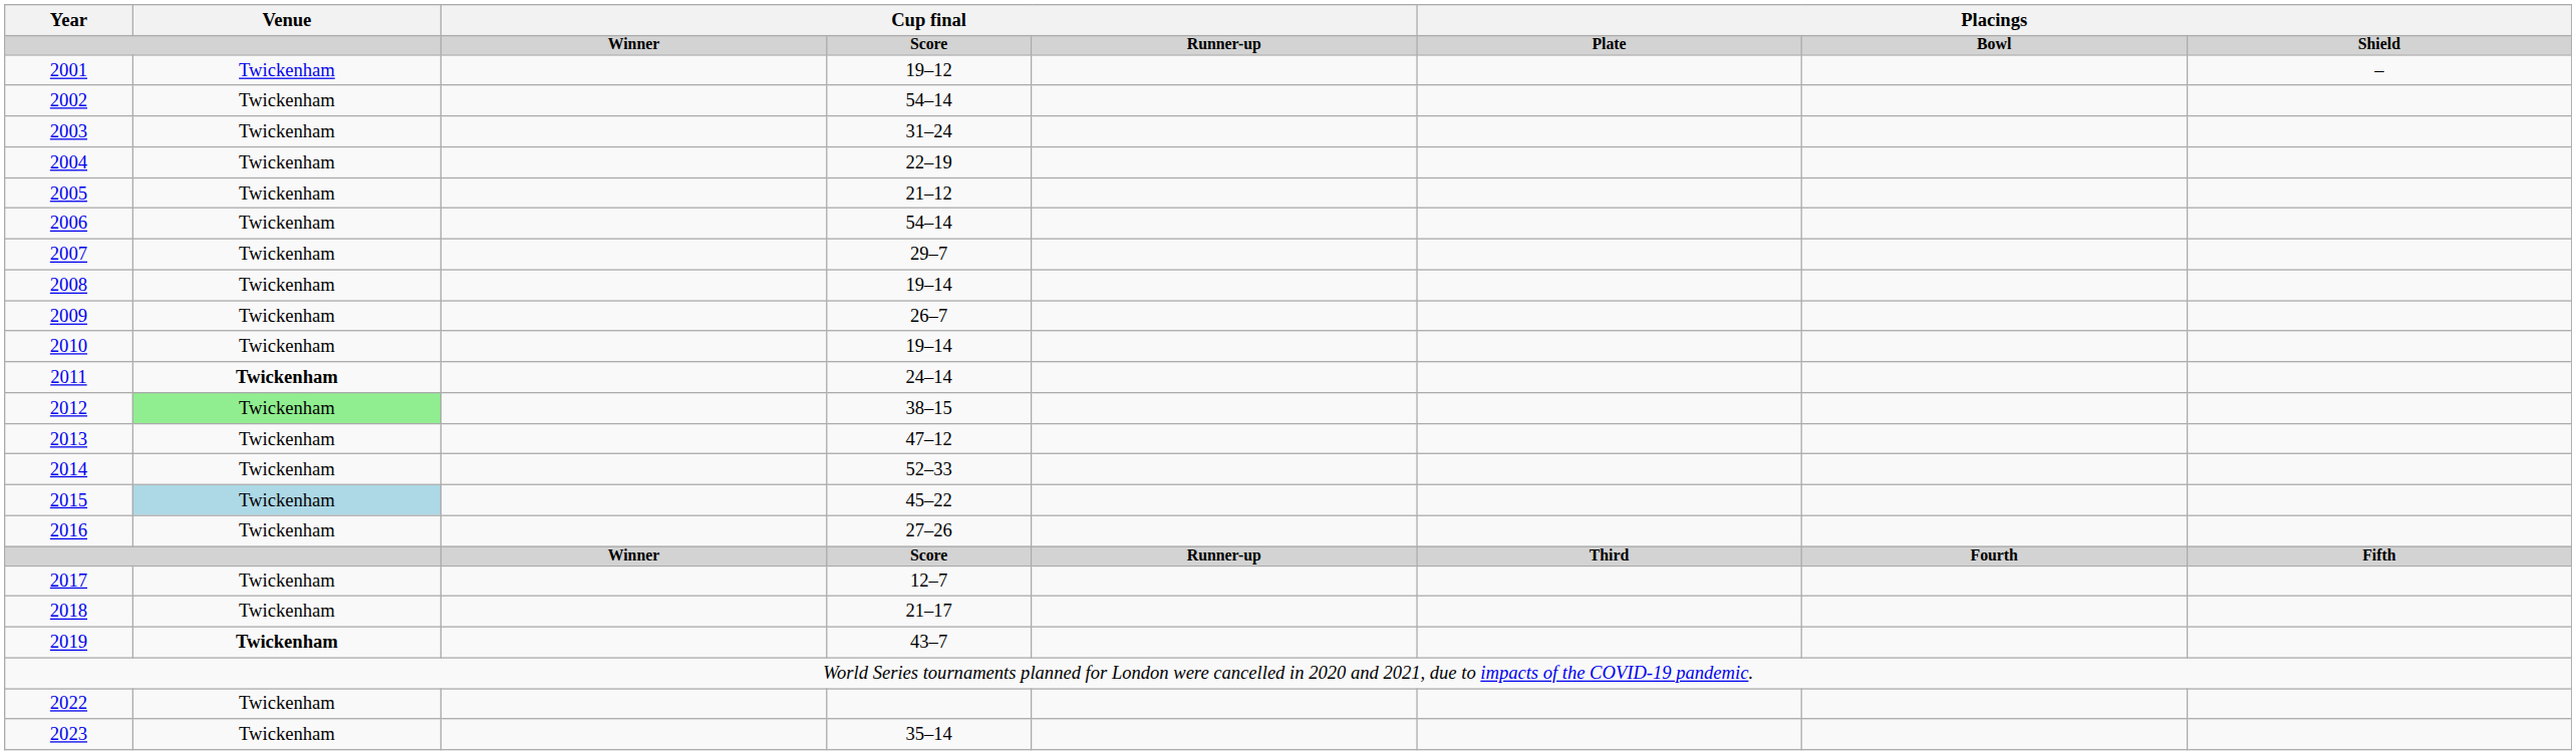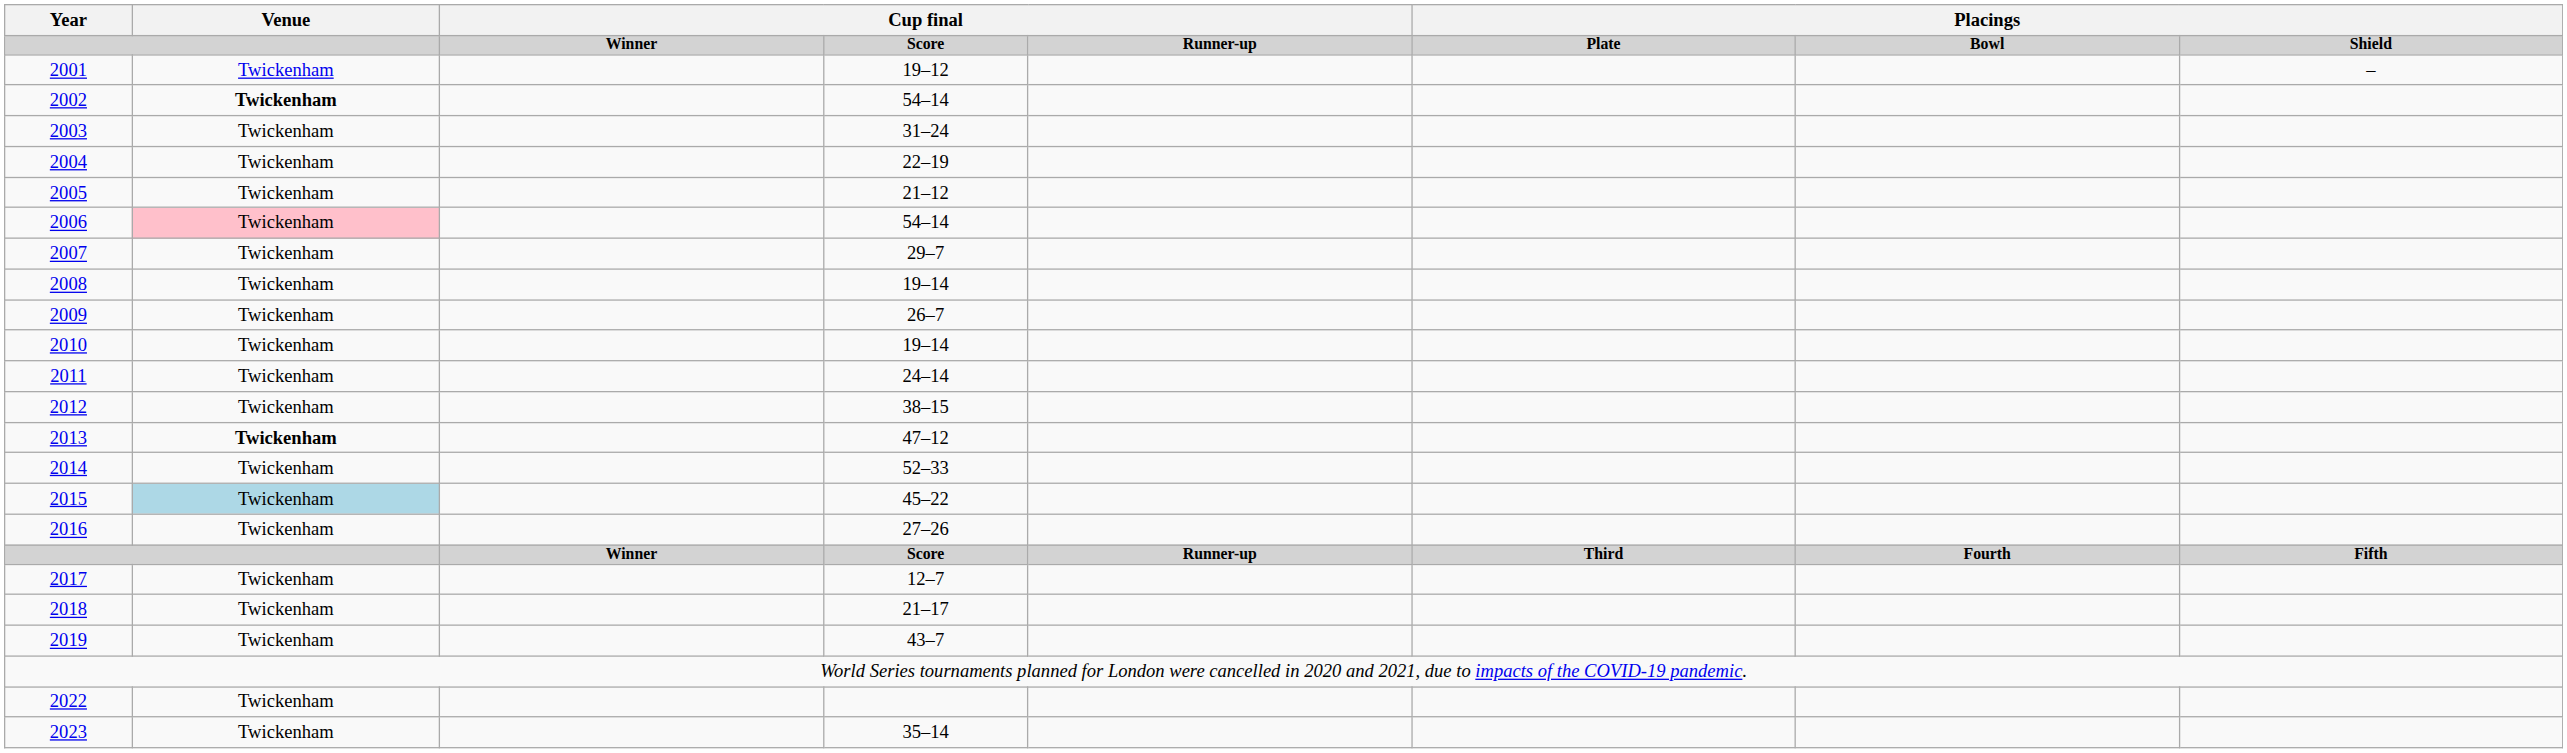 <table class="wikitable" style="font-size:90%; width: 100%; text-align: center;">
 <tr>
 <th>Year</th>
 <th>Venue</th>
 <th colspan=3>Cup final</th>
 <th colspan=3>Placings</th>
 </tr>
 <tr bgcolor=lightgrey style="line-height:9px; font-size:85%; padding:0px;">
 <td colspan=2 style="font-weight:bold;"></td>
 <td width=15% style="font-weight:bold;">Winner</td>
 <td width=8%  style="font-weight:bold;">Score</td>
 <td width=15% style="font-weight:bold;">Runner-up</td>
 <td width=15% style="font-weight:bold;">Plate</td>
 <td width=15% style="font-weight:bold;">Bowl</td>
 <td width=15% style="font-weight:bold;">Shield</td>
 </tr>
 <tr>
 <td><a href='#'>2001</a></td>
 <td><a href='#'>Twickenham</a></td>
 <td></td>
 <td>19–12</td>
 <td></td>
 <td></td>
 <td></td>
 <td>–</td>
 </tr>
 <tr>
 <td><a href='#'>2002</a></td>
-<td>Twickenham</td>
+<td><strong>Twickenham</strong></td>
 <td></td>
 <td>54–14</td>
 <td></td>
 <td></td>
 <td></td>
 <td></td>
 </tr>
 <tr>
 <td><a href='#'>2003</a></td>
 <td>Twickenham</td>
 <td></td>
 <td>31–24</td>
 <td></td>
 <td></td>
 <td></td>
 <td></td>
 </tr>
 <tr>
 <td><a href='#'>2004</a></td>
 <td>Twickenham</td>
 <td></td>
 <td>22–19</td>
 <td></td>
 <td></td>
 <td></td>
 <td></td>
 </tr>
 <tr>
 <td><a href='#'>2005</a></td>
 <td>Twickenham</td>
 <td></td>
 <td>21–12</td>
 <td></td>
 <td></td>
 <td></td>
 <td></td>
 </tr>
 <tr>
 <td><a href='#'>2006</a></td>
-<td>Twickenham</td>
+<td style="background: pink;">Twickenham</td>
 <td></td>
 <td>54–14</td>
 <td></td>
 <td></td>
 <td></td>
 <td></td>
 </tr>
 <tr>
 <td><a href='#'>2007</a></td>
 <td>Twickenham</td>
 <td></td>
 <td>29–7</td>
 <td></td>
 <td></td>
 <td></td>
 <td></td>
 </tr>
 <tr>
 <td><a href='#'>2008</a></td>
 <td>Twickenham</td>
 <td></td>
 <td>19–14</td>
 <td></td>
 <td></td>
 <td></td>
 <td></td>
 </tr>
 <tr>
 <td><a href='#'>2009</a></td>
 <td>Twickenham</td>
 <td></td>
 <td>26–7</td>
 <td></td>
 <td></td>
 <td></td>
 <td></td>
 </tr>
 <tr>
 <td><a href='#'>2010</a></td>
 <td>Twickenham</td>
 <td></td>
 <td>19–14</td>
 <td></td>
 <td></td>
 <td></td>
 <td></td>
 </tr>
 <tr>
 <td><a href='#'>2011</a></td>
-<td><strong>Twickenham</strong></td>
+<td>Twickenham</td>
 <td></td>
 <td>24–14</td>
 <td></td>
 <td></td>
 <td></td>
 <td></td>
 </tr>
 <tr>
 <td><a href='#'>2012</a></td>
-<td style="background: lightgreen;">Twickenham</td>
+<td>Twickenham</td>
 <td></td>
 <td>38–15</td>
 <td></td>
 <td></td>
 <td></td>
 <td></td>
 </tr>
 <tr>
 <td><a href='#'>2013</a></td>
-<td>Twickenham</td>
+<td><strong>Twickenham</strong></td>
 <td></td>
 <td>47–12</td>
 <td></td>
 <td></td>
 <td></td>
 <td></td>
 </tr>
 <tr>
 <td><a href='#'>2014</a></td>
 <td>Twickenham</td>
 <td></td>
 <td>52–33</td>
 <td></td>
 <td></td>
 <td></td>
 <td></td>
 </tr>
 <tr>
 <td><a href='#'>2015</a></td>
 <td style="background: lightblue;">Twickenham</td>
 <td></td>
 <td>45–22</td>
 <td></td>
 <td></td>
 <td></td>
 <td></td>
 </tr>
 <tr>
 <td><a href='#'>2016</a></td>
 <td>Twickenham</td>
 <td></td>
 <td>27–26</td>
 <td></td>
 <td></td>
 <td></td>
 <td></td>
 </tr>
 <tr bgcolor=lightgrey style="line-height:9px; font-size:85%; padding:0px;">
 <td colspan=2 style="font-weight:bold;"></td>
 <td width=15% style="font-weight:bold;">Winner</td>
 <td width=8%  style="font-weight:bold;">Score</td>
 <td width=15% style="font-weight:bold;">Runner-up</td>
 <td width=15% style="font-weight:bold;">Third</td>
 <td width=15% style="font-weight:bold;">Fourth</td>
 <td width=15% style="font-weight:bold;">Fifth</td>
 </tr>
 <tr>
 <td><a href='#'>2017</a></td>
 <td>Twickenham</td>
 <td></td>
 <td>12–7</td>
 <td></td>
 <td></td>
 <td></td>
 <td></td>
 </tr>
 <tr>
 <td><a href='#'>2018</a></td>
 <td>Twickenham</td>
 <td></td>
 <td>21–17</td>
 <td></td>
 <td></td>
 <td></td>
 <td></td>
 </tr>
 <tr>
 <td><a href='#'>2019</a></td>
-<td><strong>Twickenham</strong></td>
+<td>Twickenham</td>
 <td></td>
 <td>43–7</td>
 <td></td>
 <td></td>
 <td></td>
 <td></td>
 </tr>
 <tr>
 <td colspan=100%><em>World Series tournaments planned for London were cancelled in 2020 and 2021, due to <a href='#'>impacts of the COVID-19 pandemic</a>.</em></td>
 </tr>
 <tr>
 <td><a href='#'>2022</a></td>
 <td>Twickenham</td>
 <td></td>
 <td></td>
 <td></td>
 <td></td>
 <td></td>
 <td></td>
 </tr>
 <tr>
 <td><a href='#'>2023</a></td>
 <td>Twickenham</td>
 <td></td>
 <td>35–14</td>
 <td></td>
 <td></td>
 <td></td>
 <td></td>
 </tr>
 </table>
